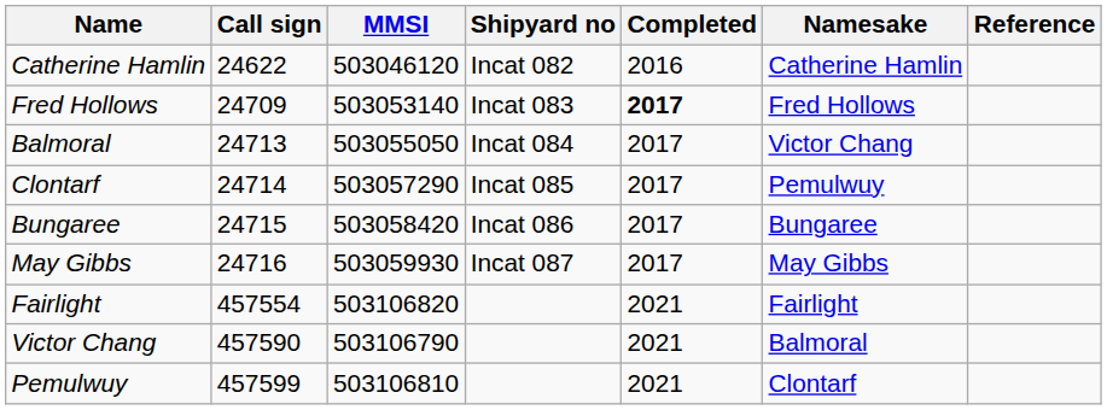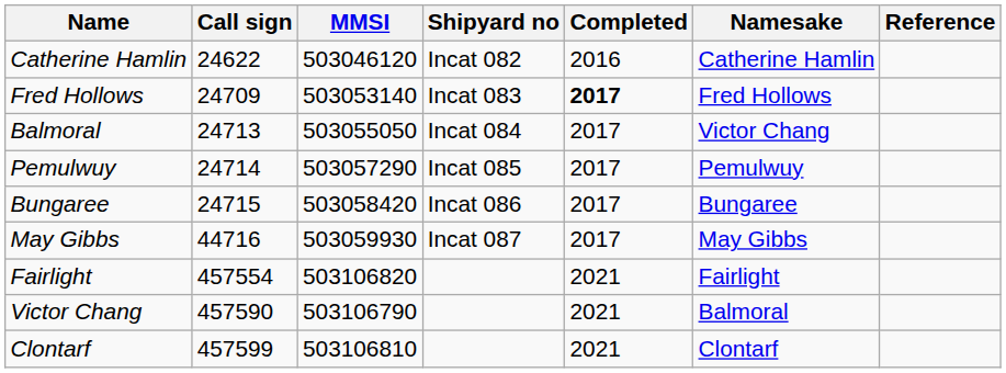 <table class="wikitable sortable">
 <tr>
 <th>Name</th>
 <th>Call sign</th>
 <th><a href='#'>MMSI</a></th>
 <th>Shipyard no</th>
 <th>Completed</th>
 <th>Namesake</th>
 <th>Reference</th>
 </tr>
 <tr>
 <td><em>Catherine Hamlin</em></td>
 <td>24622</td>
 <td>503046120</td>
 <td>Incat 082</td>
 <td>2016</td>
 <td><a href='#'>Catherine Hamlin</a></td>
 <td></td>
 </tr>
 <tr>
 <td><em>Fred Hollows</em></td>
 <td>24709</td>
 <td>503053140</td>
 <td>Incat 083</td>
 <td><strong>2017</strong></td>
 <td><a href='#'>Fred Hollows</a></td>
 <td></td>
 </tr>
 <tr>
 <td><em>Balmoral</em></td>
 <td>24713</td>
 <td>503055050</td>
 <td>Incat 084</td>
 <td>2017</td>
 <td><a href='#'>Victor Chang</a></td>
 <td></td>
 </tr>
 <tr>
-<td><em>Clontarf</em></td>
+<td><em>Pemulwuy</em></td>
 <td>24714</td>
 <td>503057290</td>
 <td>Incat 085</td>
 <td>2017</td>
 <td><a href='#'>Pemulwuy</a></td>
 <td></td>
 </tr>
 <tr>
 <td><em>Bungaree</em></td>
 <td>24715</td>
 <td>503058420</td>
 <td>Incat 086</td>
 <td>2017</td>
 <td><a href='#'>Bungaree</a></td>
 <td></td>
 </tr>
 <tr>
 <td><em>May Gibbs</em></td>
-<td>24716</td>
+<td>44716</td>
 <td>503059930</td>
 <td>Incat 087</td>
 <td>2017</td>
 <td><a href='#'>May Gibbs</a></td>
 <td></td>
 </tr>
 <tr>
 <td><em>Fairlight</em></td>
 <td>457554</td>
 <td>503106820</td>
 <td></td>
 <td>2021</td>
 <td><a href='#'>Fairlight</a></td>
 <td></td>
 </tr>
 <tr>
 <td><em>Victor Chang</em></td>
 <td>457590</td>
 <td>503106790</td>
 <td></td>
 <td>2021</td>
 <td><a href='#'>Balmoral</a></td>
 <td></td>
 </tr>
 <tr>
-<td><em>Pemulwuy</em></td>
+<td><em>Clontarf</em></td>
 <td>457599</td>
 <td>503106810</td>
 <td></td>
 <td>2021</td>
 <td><a href='#'>Clontarf</a></td>
 <td></td>
 </tr>
 </table>
